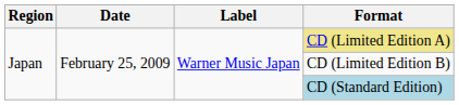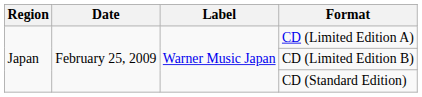 <table class="wikitable">
 <tr>
 <th>Region</th>
 <th>Date</th>
 <th>Label</th>
 <th>Format</th>
 </tr>
 <tr>
 <td rowspan="3">Japan</td>
 <td rowspan="3">February 25, 2009</td>
 <td rowspan="3"><a href='#'>Warner Music Japan</a></td>
-<td style="background: khaki;"><a href='#'>CD</a> (Limited Edition A)</td>
+<td><a href='#'>CD</a> (Limited Edition A)</td>
 </tr>
 <tr>
 <td>CD (Limited Edition B)</td>
 </tr>
 <tr>
-<td style="background: lightblue;">CD (Standard Edition)</td>
+<td>CD (Standard Edition)</td>
 </tr>
 </table>
